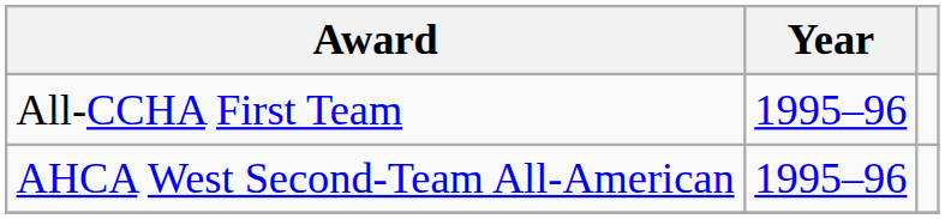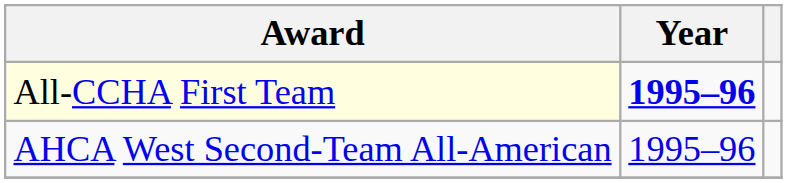 <table class="wikitable">
 <tr>
 <th>Award</th>
 <th>Year</th>
 <th></th>
 </tr>
 <tr>
-<td>All-<a href='#'>CCHA</a> <a href='#'>First Team</a></td>
-<td><a href='#'>1995–96</a></td>
+<td style="background: lightyellow;">All-<a href='#'>CCHA</a> <a href='#'>First Team</a></td>
+<td><strong><a href='#'>1995–96</a></strong></td>
 <td></td>
 </tr>
 <tr>
 <td><a href='#'>AHCA</a> <a href='#'>West Second-Team All-American</a></td>
 <td><a href='#'>1995–96</a></td>
 <td></td>
 </tr>
 <tr>
 </tr>
 </table>
